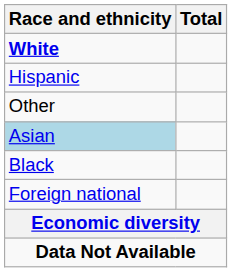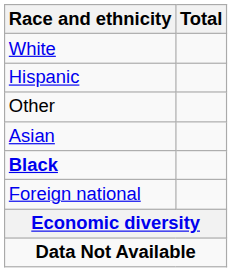 <table class="wikitable floatright sortable collapsible"; text-align:right; font-size:80%;">
 <tr>
 <th>Race and ethnicity</th>
 <th colspan="2" data-sort-type=number>Total</th>
 </tr>
 <tr>
-<td><strong><a href='#'>White</a></strong></td>
+<td><a href='#'>White</a></td>
 <td align=right></td>
 </tr>
 <tr>
 <td><a href='#'>Hispanic</a></td>
 <td align=right></td>
 </tr>
 <tr>
 <td>Other</td>
 <td align=right></td>
 </tr>
 <tr>
-<td style="background: lightblue;"><a href='#'>Asian</a></td>
+<td><a href='#'>Asian</a></td>
 <td align=right></td>
 </tr>
 <tr>
-<td><a href='#'>Black</a></td>
+<td><strong><a href='#'>Black</a></strong></td>
 <td align=right></td>
 </tr>
 <tr>
 <td><a href='#'>Foreign national</a></td>
 <td align=right></td>
 </tr>
 <tr>
 <th colspan="4" data-sort-type=number><a href='#'>Economic diversity</a></th>
 </tr>
 <tr>
 <td colspan="4" align="center"><strong>Data Not Available</strong></td>
 </tr>
 </table>
